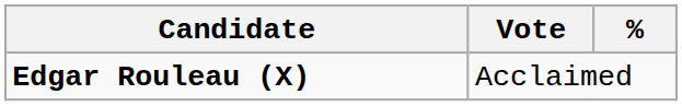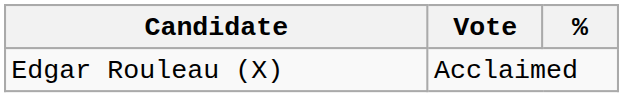 <table class="wikitable">
 <tr>
 <th bgcolor="#DDDDFF" width="200px">Candidate</th>
 <th bgcolor="#DDDDFF" width="50px">Vote</th>
 <th bgcolor="#DDDDFF" width="30px">%</th>
 </tr>
 <tr>
-<td><strong>Edgar Rouleau (X)</strong></td>
+<td>Edgar Rouleau (X)</td>
 <td colspan="2">Acclaimed</td>
 </tr>
 </table>
